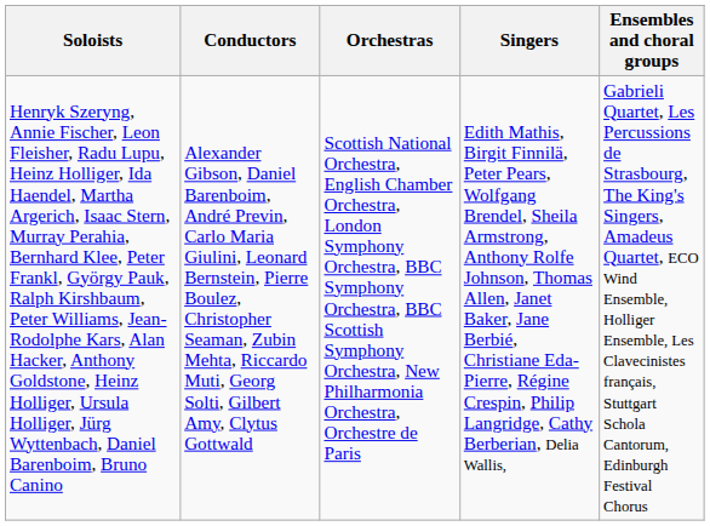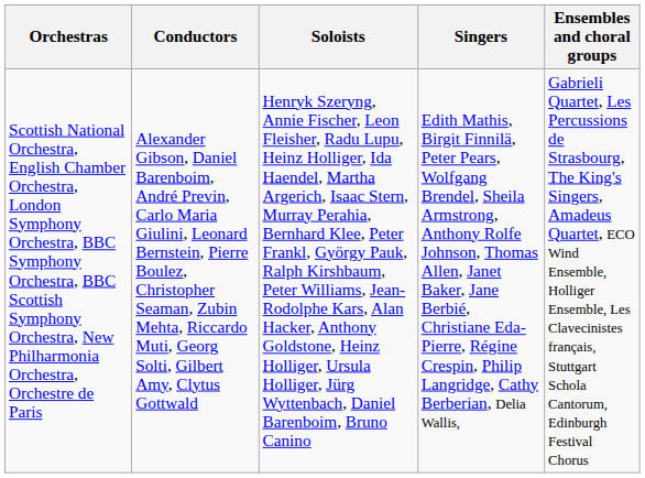 <table class="wikitable toptextcells">
 <tr class="hintergrundfarbe5">
+<th style="width:20%;">Orchestras</th>
+<th style="width:20%;">Conductors</th>
 <th style="width:25%;">Soloists</th>
-<th style="width:20%;">Conductors</th>
-<th style="width:20%;">Orchestras</th>
 <th style="width:20%;">Singers</th>
 <th style="width:15%;">Ensembles and choral groups</th>
 </tr>
 <tr>
+<td><a href='#'>Scottish National Orchestra</a>, <a href='#'>English Chamber Orchestra</a>, <a href='#'>London Symphony Orchestra</a>, <a href='#'>BBC Symphony Orchestra</a>, <a href='#'>BBC Scottish Symphony Orchestra</a>, <a href='#'>New Philharmonia Orchestra</a>, <a href='#'>Orchestre de Paris</a></td>
+<td><a href='#'>Alexander Gibson</a>, <a href='#'>Daniel Barenboim</a>, <a href='#'>André Previn</a>, <a href='#'>Carlo Maria Giulini</a>, <a href='#'>Leonard Bernstein</a>, <a href='#'>Pierre Boulez</a>, <a href='#'>Christopher Seaman</a>, <a href='#'>Zubin Mehta</a>, <a href='#'>Riccardo Muti</a>, <a href='#'>Georg Solti</a>, <a href='#'>Gilbert Amy</a>, <a href='#'>Clytus Gottwald</a></td>
 <td><a href='#'>Henryk Szeryng</a>, <a href='#'>Annie Fischer</a>, <a href='#'>Leon Fleisher</a>, <a href='#'>Radu Lupu</a>, <a href='#'>Heinz Holliger</a>, <a href='#'>Ida Haendel</a>, <a href='#'>Martha Argerich</a>, <a href='#'>Isaac Stern</a>, <a href='#'>Murray Perahia</a>, <a href='#'>Bernhard Klee</a>, <a href='#'>Peter Frankl</a>, <a href='#'>György Pauk</a>, <a href='#'>Ralph Kirshbaum</a>, <a href='#'>Peter Williams</a>, <a href='#'>Jean-Rodolphe Kars</a>, <a href='#'>Alan Hacker</a>, <a href='#'>Anthony Goldstone</a>, <a href='#'>Heinz Holliger</a>, <a href='#'>Ursula Holliger</a>, <a href='#'>Jürg Wyttenbach</a>, <a href='#'>Daniel Barenboim</a>, <a href='#'>Bruno Canino</a></td>
-<td><a href='#'>Alexander Gibson</a>, <a href='#'>Daniel Barenboim</a>, <a href='#'>André Previn</a>, <a href='#'>Carlo Maria Giulini</a>, <a href='#'>Leonard Bernstein</a>, <a href='#'>Pierre Boulez</a>, <a href='#'>Christopher Seaman</a>, <a href='#'>Zubin Mehta</a>, <a href='#'>Riccardo Muti</a>, <a href='#'>Georg Solti</a>, <a href='#'>Gilbert Amy</a>, <a href='#'>Clytus Gottwald</a></td>
-<td><a href='#'>Scottish National Orchestra</a>, <a href='#'>English Chamber Orchestra</a>, <a href='#'>London Symphony Orchestra</a>, <a href='#'>BBC Symphony Orchestra</a>, <a href='#'>BBC Scottish Symphony Orchestra</a>, <a href='#'>New Philharmonia Orchestra</a>, <a href='#'>Orchestre de Paris</a></td>
 <td><a href='#'>Edith Mathis</a>, <a href='#'>Birgit Finnilä</a>, <a href='#'>Peter Pears</a>, <a href='#'>Wolfgang Brendel</a>, <a href='#'>Sheila Armstrong</a>, <a href='#'>Anthony Rolfe Johnson</a>, <a href='#'>Thomas Allen</a>, <a href='#'>Janet Baker</a>, <a href='#'>Jane Berbié</a>, <a href='#'>Christiane Eda-Pierre</a>, <a href='#'>Régine Crespin</a>, <a href='#'>Philip Langridge</a>, <a href='#'>Cathy Berberian</a>,  <small>Delia Wallis, </small></td>
 <td><a href='#'>Gabrieli Quartet</a>, <a href='#'>Les Percussions de Strasbourg</a>, <a href='#'>The King's Singers</a>, <a href='#'>Amadeus Quartet</a>, <small>ECO Wind Ensemble, Holliger Ensemble, Les Clavecinistes français, Stuttgart Schola Cantorum, Edinburgh Festival Chorus</small></td>
 </tr>
 </table>
